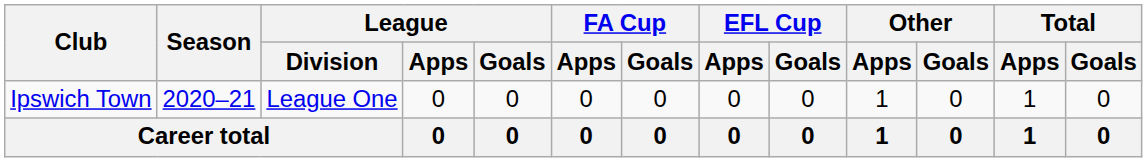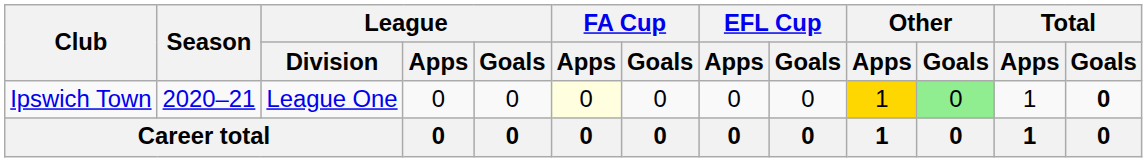 <table class="wikitable" style="text-align: center">
 <tr>
 <th rowspan="2">Club</th>
 <th rowspan="2">Season</th>
 <th colspan="3">League</th>
 <th colspan="2"><a href='#'>FA Cup</a></th>
 <th colspan="2"><a href='#'>EFL Cup</a></th>
 <th colspan="2">Other</th>
 <th colspan="2">Total</th>
 </tr>
 <tr>
 <th>Division</th>
 <th>Apps</th>
 <th>Goals</th>
 <th>Apps</th>
 <th>Goals</th>
 <th>Apps</th>
 <th>Goals</th>
 <th>Apps</th>
 <th>Goals</th>
 <th>Apps</th>
 <th>Goals</th>
 </tr>
 <tr>
 <td><a href='#'>Ipswich Town</a></td>
 <td><a href='#'>2020–21</a></td>
 <td><a href='#'>League One</a></td>
 <td>0</td>
 <td>0</td>
+<td style="background: lightyellow;">0</td>
 <td>0</td>
 <td>0</td>
 <td>0</td>
-<td>0</td>
+<td style="background: gold;">1</td>
+<td style="background: lightgreen;">0</td>
 <td>1</td>
-<td>0</td>
-<td>1</td>
-<td>0</td>
+<td><strong>0</strong></td>
 </tr>
 <tr>
 <th colspan="3">Career total</th>
 <th>0</th>
 <th>0</th>
 <th>0</th>
 <th>0</th>
 <th>0</th>
 <th>0</th>
 <th>1</th>
 <th>0</th>
 <th>1</th>
 <th>0</th>
 </tr>
 </table>
